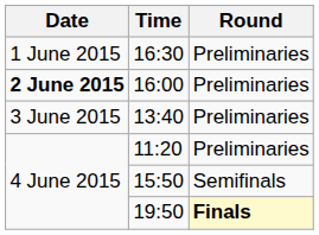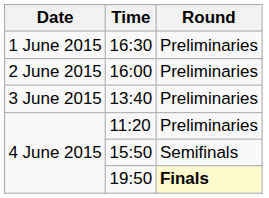 <table class="wikitable">
 <tr>
 <th>Date</th>
 <th>Time</th>
 <th>Round</th>
 </tr>
 <tr>
 <td>1 June 2015</td>
 <td>16:30</td>
 <td>Preliminaries</td>
 </tr>
 <tr>
-<td><strong>2 June 2015</strong></td>
+<td>2 June 2015</td>
 <td>16:00</td>
 <td>Preliminaries</td>
 </tr>
 <tr>
 <td>3 June 2015</td>
 <td>13:40</td>
 <td>Preliminaries</td>
 </tr>
 <tr>
 <td rowspan="3">4 June 2015</td>
 <td>11:20</td>
 <td>Preliminaries</td>
 </tr>
 <tr>
 <td>15:50</td>
 <td>Semifinals</td>
 </tr>
 <tr>
 <td>19:50</td>
 <td style="background:lemonchiffon;"><strong>Finals</strong></td>
 </tr>
 </table>
